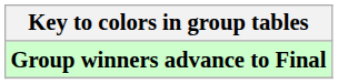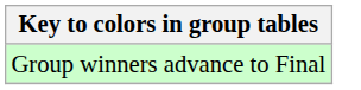 <table class="wikitable">
 <tr>
 <th>Key to colors in group tables</th>
 </tr>
 <tr bgcolor="#ccffcc">
-<td><strong>Group winners advance to Final</strong></td>
+<td>Group winners advance to Final</td>
 </tr>
 <tr>
 </tr>
 </table>
